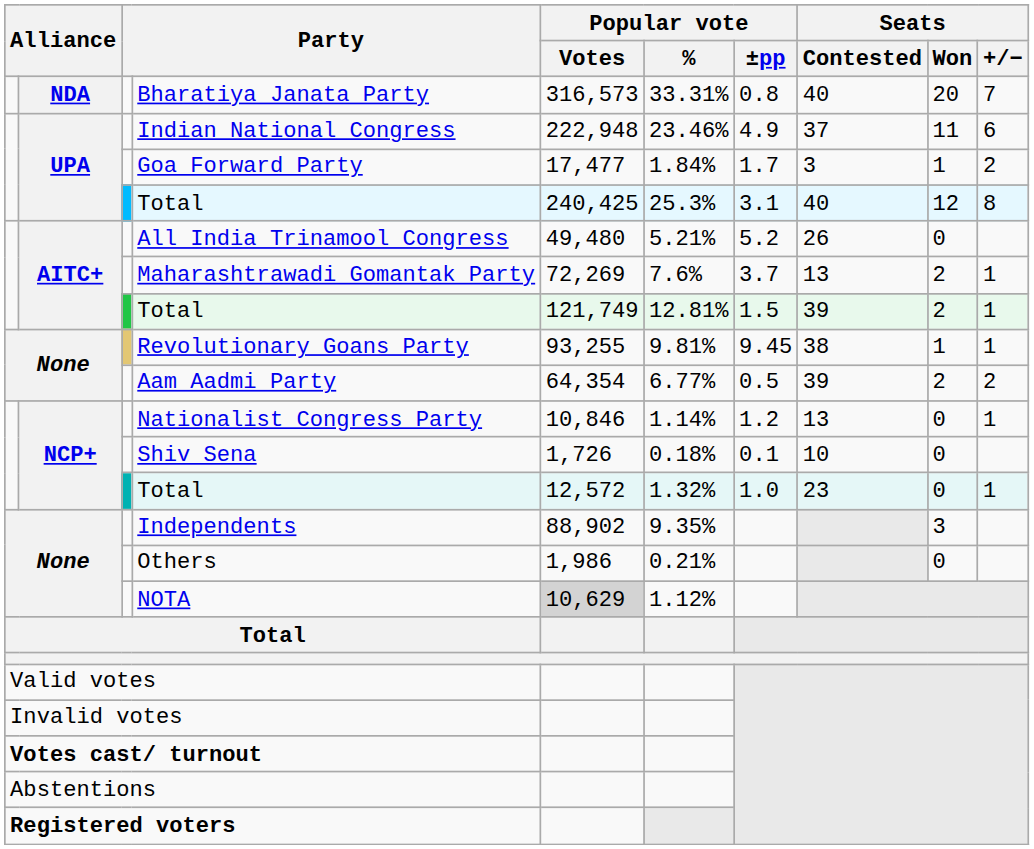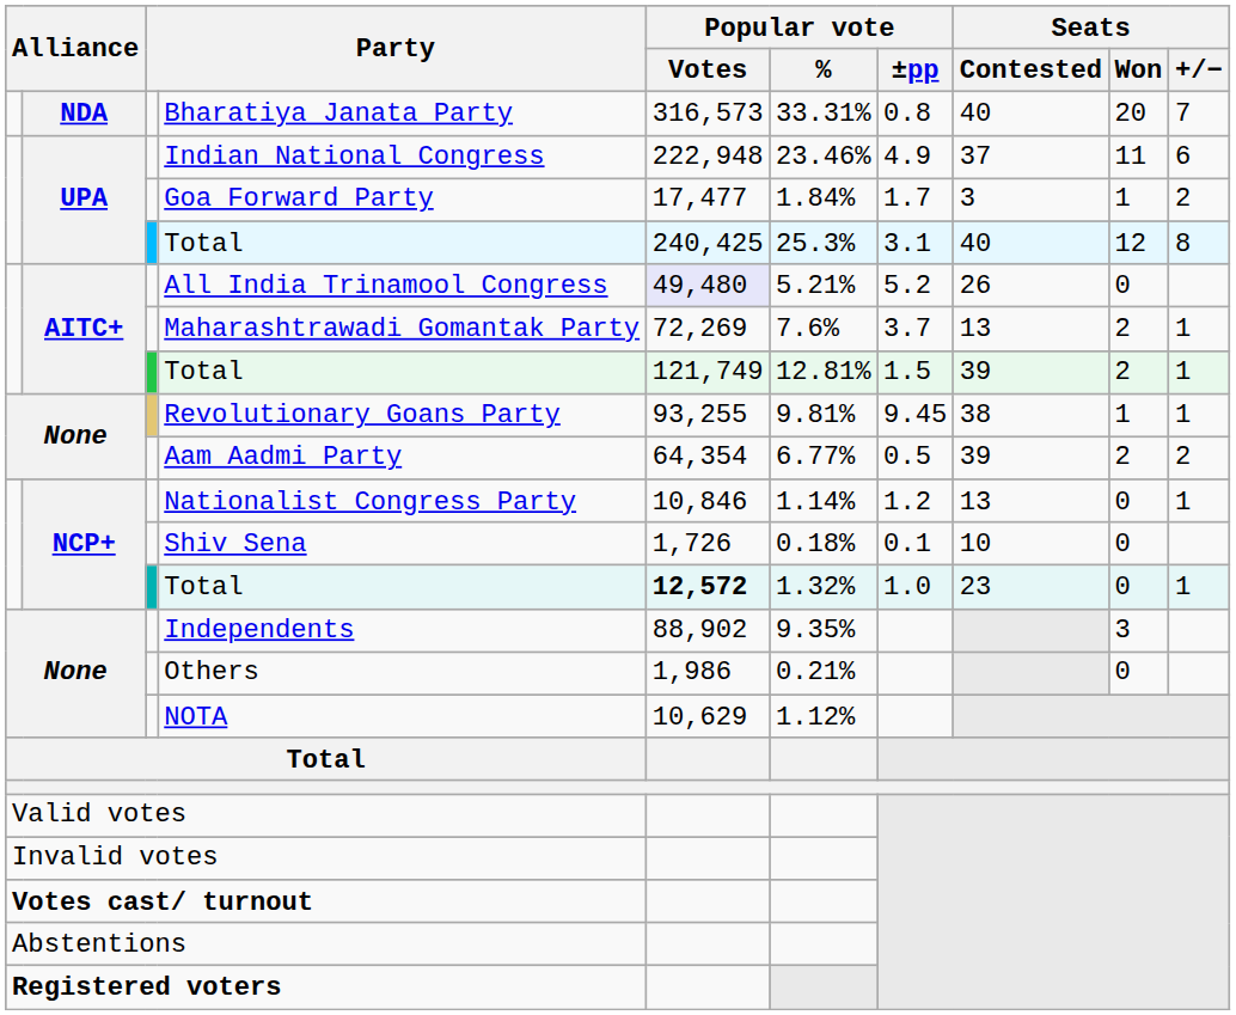 <table class="wikitable sortable">
 <tr>
 <th colspan="2" rowspan="2">Alliance</th>
 <th colspan="2" rowspan="2">Party</th>
 <th colspan="3">Popular vote</th>
 <th colspan="3">Seats</th>
 </tr>
 <tr>
 <th>Votes</th>
 <th>%</th>
 <th>±<a href='#'>pp</a></th>
 <th>Contested</th>
 <th>Won</th>
 <th><strong>+/−</strong></th>
 </tr>
 <tr>
 <td></td>
 <th><a href='#'>NDA</a></th>
 <td></td>
 <td><a href='#'>Bharatiya Janata Party</a></td>
 <td>316,573</td>
 <td>33.31%</td>
 <td> 0.8</td>
 <td>40</td>
 <td>20</td>
 <td> 7</td>
 </tr>
 <tr>
 <td rowspan="3"></td>
 <th rowspan="3"><a href='#'>UPA</a></th>
 <td></td>
 <td><a href='#'>Indian National Congress</a></td>
 <td>222,948</td>
 <td>23.46%</td>
 <td> 4.9</td>
 <td>37</td>
 <td>11</td>
 <td> 6</td>
 </tr>
 <tr>
 <td></td>
 <td><a href='#'>Goa Forward Party</a></td>
 <td>17,477</td>
 <td>1.84%</td>
 <td> 1.7</td>
 <td>3</td>
 <td>1</td>
 <td> 2</td>
 </tr>
 <tr>
 <td style="background:#00bbff"></td>
 <td style="background:#e5f8ff">Total</td>
 <td style="background:#e5f8ff">240,425</td>
 <td style="background:#e5f8ff">25.3%</td>
 <td style="background:#e5f8ff"> 3.1</td>
 <td style="background:#e5f8ff">40</td>
 <td style="background:#e5f8ff">12</td>
 <td style="background:#e5f8ff"> 8</td>
 </tr>
 <tr>
 <td rowspan="3"></td>
 <th rowspan="3"><a href='#'>AITC+</a></th>
 <td></td>
 <td><a href='#'>All India Trinamool Congress</a></td>
-<td>49,480</td>
+<td style="background: lavender;">49,480</td>
 <td>5.21%</td>
 <td> 5.2</td>
 <td>26</td>
 <td>0</td>
 <td></td>
 </tr>
 <tr>
 <td></td>
 <td><a href='#'>Maharashtrawadi Gomantak Party</a></td>
 <td>72,269</td>
 <td>7.6%</td>
 <td> 3.7</td>
 <td>13</td>
 <td>2</td>
 <td> 1</td>
 </tr>
 <tr>
 <td style="background:#20C646"></td>
 <td style="background:#e8f9ec">Total</td>
 <td style="background:#e8f9ec">121,749</td>
 <td style="background:#e8f9ec">12.81%</td>
 <td style="background:#e8f9ec"> 1.5</td>
 <td style="background:#e8f9ec">39</td>
 <td style="background:#e8f9ec">2</td>
 <td style="background:#e8f9ec"> 1</td>
 </tr>
 <tr>
 <th colspan="2" rowspan="2"><em>None</em></th>
 <td style="background:#E3C773"></td>
 <td><a href='#'>Revolutionary Goans Party</a></td>
 <td>93,255</td>
 <td>9.81%</td>
 <td> 9.45</td>
 <td>38</td>
 <td>1</td>
 <td> 1</td>
 </tr>
 <tr>
 <td></td>
 <td><a href='#'>Aam Aadmi Party</a></td>
 <td>64,354</td>
 <td>6.77%</td>
 <td> 0.5</td>
 <td>39</td>
 <td>2</td>
 <td> 2</td>
 </tr>
 <tr>
 <td rowspan="3"></td>
 <th rowspan="3"><a href='#'>NCP+</a></th>
 <td></td>
 <td><a href='#'>Nationalist Congress Party</a></td>
 <td>10,846</td>
 <td>1.14%</td>
 <td> 1.2</td>
 <td>13</td>
 <td>0</td>
 <td> 1</td>
 </tr>
 <tr>
 <td></td>
 <td><a href='#'>Shiv Sena</a></td>
 <td>1,726</td>
 <td>0.18%</td>
 <td> 0.1</td>
 <td>10</td>
 <td>0</td>
 <td></td>
 </tr>
 <tr>
 <td style="background:#00B2B2"></td>
 <td style="background:#e5f7f7">Total</td>
-<td style="background:#e5f7f7">12,572</td>
+<td style="background:#e5f7f7"><strong>12,572</strong></td>
 <td style="background:#e5f7f7">1.32%</td>
 <td style="background:#e5f7f7"> 1.0</td>
 <td style="background:#e5f7f7">23</td>
 <td style="background:#e5f7f7">0</td>
 <td style="background:#e5f7f7"> 1</td>
 </tr>
 <tr>
 <th colspan="2" rowspan="3"><em>None</em></th>
 <td></td>
 <td><a href='#'>Independents</a></td>
 <td>88,902</td>
 <td>9.35%</td>
 <td></td>
 <td style="background-color:#E9E9E9"></td>
 <td>3</td>
 <td></td>
 </tr>
 <tr>
 <td></td>
 <td>Others</td>
 <td>1,986</td>
 <td>0.21%</td>
 <td></td>
 <td style="background-color:#E9E9E9"></td>
 <td>0</td>
 <td></td>
 </tr>
 <tr>
 <td></td>
 <td><a href='#'>NOTA</a></td>
-<td style="background: lightgrey;">10,629</td>
+<td>10,629</td>
 <td>1.12%</td>
 <td></td>
 <th colspan=3 style="background-color:#E9E9E9"></th>
 </tr>
 <tr>
 <th colspan = 4>Total</th>
 <th></th>
 <th></th>
 <th colspan="5" style="background-color:#E9E9E9"></th>
 </tr>
 <tr>
 <th colspan="10"></th>
 </tr>
 <tr>
 <td style="text-align:left;" colspan="4">Valid votes</td>
 <td align="right"></td>
 <td align="right"></td>
 <th colspan="4" rowspan="5" style="background-color:#E9E9E9"></th>
 </tr>
 <tr>
 <td style="text-align:left;" colspan="4">Invalid votes</td>
 <td align="right"></td>
 <td align="right"></td>
 </tr>
 <tr>
 <td style="text-align:left;" colspan="4"><strong>Votes cast/ turnout</strong></td>
 <td align="right"></td>
 <td align="right"></td>
 </tr>
 <tr>
 <td style="text-align:left;" colspan="4">Abstentions</td>
 <td align="right"></td>
 <td align="right"></td>
 </tr>
 <tr>
 <td style="text-align:left;" colspan="4"><strong>Registered voters</strong></td>
 <td align="right"></td>
 <td style="background-color:#E9E9E9"></td>
 </tr>
 <tr>
 </tr>
 </table>
